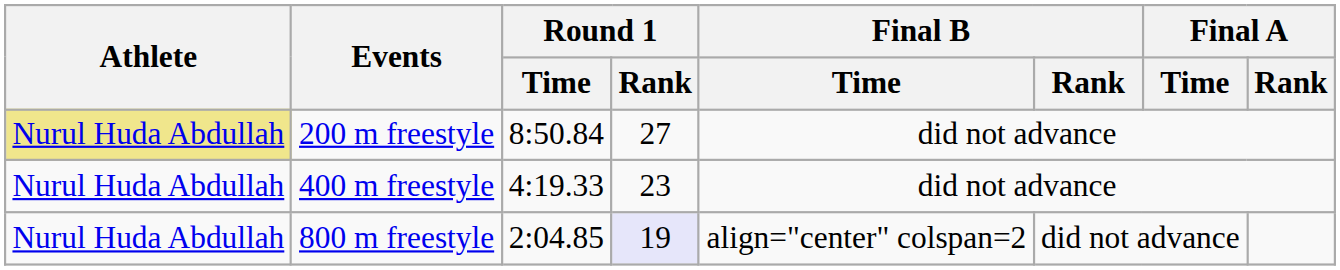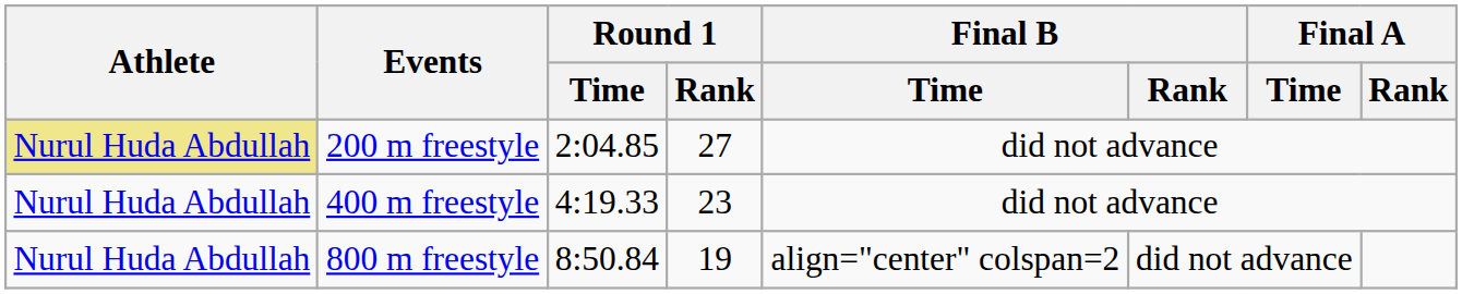 <table class=wikitable style="font-size:90%">
 <tr>
 <th rowspan="2">Athlete</th>
 <th rowspan="2">Events</th>
 <th colspan="2">Round 1</th>
 <th colspan="2">Final B</th>
 <th colspan="2">Final A</th>
 </tr>
 <tr>
 <th>Time</th>
 <th>Rank</th>
 <th>Time</th>
 <th>Rank</th>
 <th>Time</th>
 <th>Rank</th>
 </tr>
 <tr>
 <td style="background: khaki;"><a href='#'>Nurul Huda Abdullah</a></td>
 <td><a href='#'>200 m freestyle</a></td>
-<td align="center">8:50.84</td>
+<td align="center">2:04.85</td>
 <td align="center">27</td>
 <td align="center" colspan=4>did not advance</td>
 </tr>
 <tr>
 <td><a href='#'>Nurul Huda Abdullah</a></td>
 <td><a href='#'>400 m freestyle</a></td>
 <td align="center">4:19.33</td>
 <td align="center">23</td>
 <td align="center" colspan=4>did not advance</td>
 </tr>
 <tr>
 <td><a href='#'>Nurul Huda Abdullah</a></td>
 <td><a href='#'>800 m freestyle</a></td>
-<td align="center">2:04.85</td>
-<td align="center" style="background: lavender;">19</td>
+<td align="center">8:50.84</td>
+<td align="center">19</td>
 <td>align="center" colspan=2 </td>
 <td align="center" colspan=2>did not advance</td>
 </tr>
 </table>
